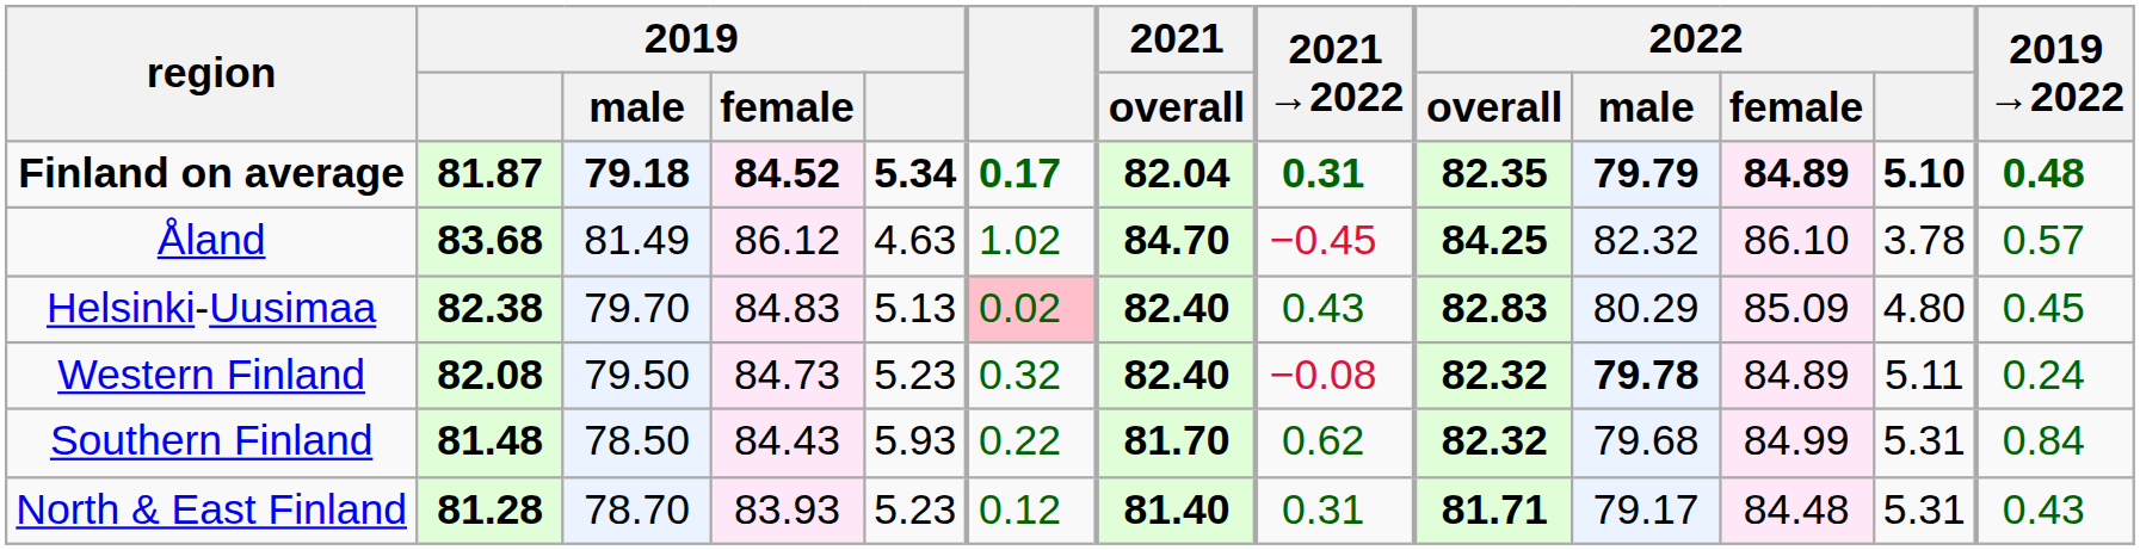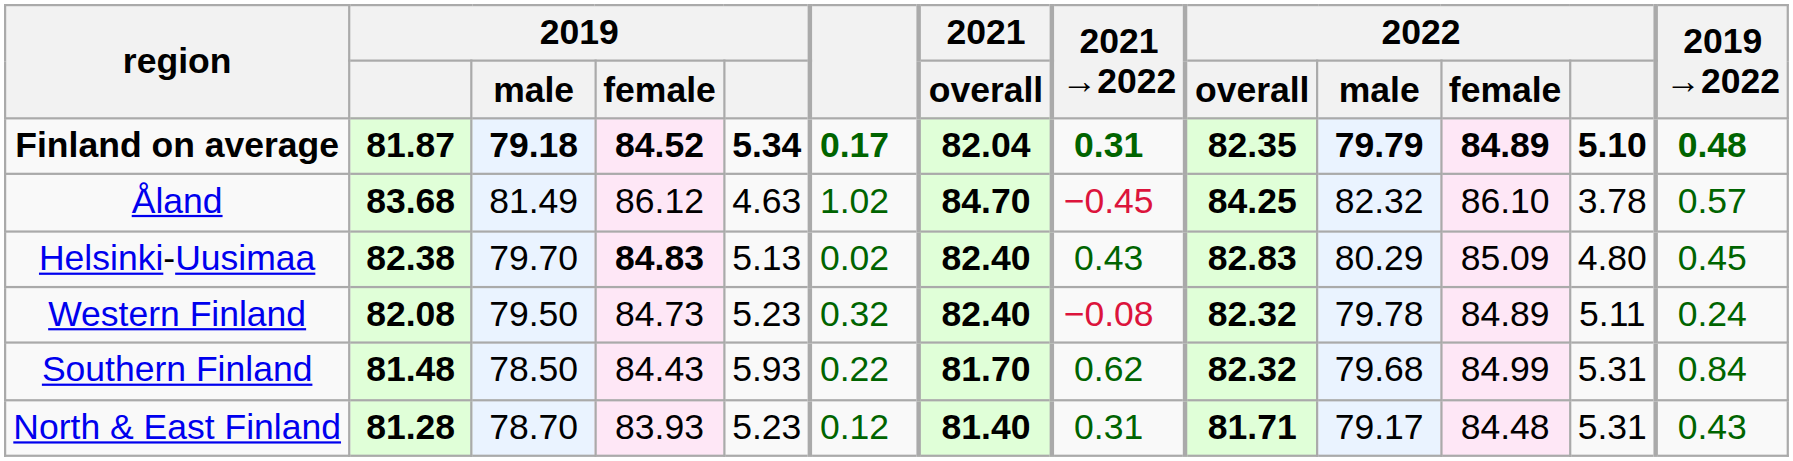 <table class="wikitable sortable mw-datatable static-row-numbers sort-under col1left col6right col8right col13right" style="text-align:center;">
 <tr>
 <th rowspan=2 style="vertical-align:middle;">region</th>
 <th colspan=4>2019</th>
 <th rowspan=2 style="vertical-align:middle;border-left-width:2px;"></th>
 <th style="border-left-width:2px;">2021</th>
 <th rowspan=2 style="vertical-align:middle;border-left-width:2px;">2021<br>→2022</th>
 <th colspan=4 style="border-left-width:2px;">2022</th>
 <th rowspan=2 style="vertical-align:middle;border-left-width:2px;">2019<br>→2022</th>
 </tr>
 <tr>
 <th style="vertical-align:middle;min-width:3em;"></th>
 <th style="vertical-align:middle;min-width:3em;">male</th>
 <th style="vertical-align:middle;min-width:3em;">female</th>
 <th></th>
 <th style="vertical-align:middle;min-width:3em;border-left-width:2px;">overall</th>
 <th style="vertical-align:middle;min-width:3em;border-left-width:2px;">overall</th>
 <th style="vertical-align:middle;min-width:3em;">male</th>
 <th style="vertical-align:middle;min-width:3em;">female</th>
 <th></th>
 </tr>
 <tr class=static-row-header>
 <td><strong>Finland on average</strong></td>
 <td style="background:#e0ffd8;"><strong>81.87</strong></td>
 <td style="background:#eaf3ff;"><strong>79.18</strong></td>
 <td style="background:#fee7f6;"><strong>84.52</strong></td>
 <td><strong>5.34</strong></td>
 <td style="padding-right:1.5ex;color:darkgreen;border-left-width:2px;"><strong>0.17</strong></td>
 <td style="background:#e0ffd8;border-left-width:2px;"><strong>82.04</strong></td>
 <td style="padding-right:1.5ex;color:darkgreen;border-left-width:2px;"><strong>0.31</strong></td>
 <td style="background:#e0ffd8;border-left-width:2px;"><strong>82.35</strong></td>
 <td style="background:#eaf3ff;"><strong>79.79</strong></td>
 <td style="background:#fee7f6;"><strong>84.89</strong></td>
 <td><strong>5.10</strong></td>
 <td style="padding-right:1.5ex;color:darkgreen;border-left-width:2px;"><strong>0.48</strong></td>
 </tr>
 <tr>
 <td><a href='#'>Åland</a></td>
 <td style="background:#e0ffd8;"><strong>83.68</strong></td>
 <td style="background:#eaf3ff;">81.49</td>
 <td style="background:#fee7f6;">86.12</td>
 <td>4.63</td>
 <td style="padding-right:1.5ex;color:darkgreen;border-left-width:2px;">1.02</td>
 <td style="background:#e0ffd8;border-left-width:2px;"><strong>84.70</strong></td>
 <td style="padding-right:1.5ex;color:crimson;border-left-width:2px;">−0.45</td>
 <td style="background:#e0ffd8;border-left-width:2px;"><strong>84.25</strong></td>
 <td style="background:#eaf3ff;">82.32</td>
 <td style="background:#fee7f6;">86.10</td>
 <td>3.78</td>
 <td style="padding-right:1.5ex;color:darkgreen;border-left-width:2px;">0.57</td>
 </tr>
 <tr>
 <td><a href='#'>Helsinki</a>-<a href='#'>Uusimaa</a></td>
 <td style="background:#e0ffd8;"><strong>82.38</strong></td>
 <td style="background:#eaf3ff;">79.70</td>
-<td style="background:#fee7f6;">84.83</td>
+<td style="background:#fee7f6;"><strong>84.83</strong></td>
 <td>5.13</td>
-<td style="background: pink; padding-right:1.5ex;color:darkgreen;border-left-width:2px;">0.02</td>
+<td style="padding-right:1.5ex;color:darkgreen;border-left-width:2px;">0.02</td>
 <td style="background:#e0ffd8;border-left-width:2px;"><strong>82.40</strong></td>
 <td style="padding-right:1.5ex;color:darkgreen;border-left-width:2px;">0.43</td>
 <td style="background:#e0ffd8;border-left-width:2px;"><strong>82.83</strong></td>
 <td style="background:#eaf3ff;">80.29</td>
 <td style="background:#fee7f6;">85.09</td>
 <td>4.80</td>
 <td style="padding-right:1.5ex;color:darkgreen;border-left-width:2px;">0.45</td>
 </tr>
 <tr>
 <td><a href='#'>Western Finland</a></td>
 <td style="background:#e0ffd8;"><strong>82.08</strong></td>
 <td style="background:#eaf3ff;">79.50</td>
 <td style="background:#fee7f6;">84.73</td>
 <td>5.23</td>
 <td style="padding-right:1.5ex;color:darkgreen;border-left-width:2px;">0.32</td>
 <td style="background:#e0ffd8;border-left-width:2px;"><strong>82.40</strong></td>
 <td style="padding-right:1.5ex;color:crimson;border-left-width:2px;">−0.08</td>
 <td style="background:#e0ffd8;border-left-width:2px;"><strong>82.32</strong></td>
-<td style="background:#eaf3ff;"><strong>79.78</strong></td>
+<td style="background:#eaf3ff;">79.78</td>
 <td style="background:#fee7f6;">84.89</td>
 <td>5.11</td>
 <td style="padding-right:1.5ex;color:darkgreen;border-left-width:2px;">0.24</td>
 </tr>
 <tr>
 <td><a href='#'>Southern Finland</a></td>
 <td style="background:#e0ffd8;"><strong>81.48</strong></td>
 <td style="background:#eaf3ff;">78.50</td>
 <td style="background:#fee7f6;">84.43</td>
 <td>5.93</td>
 <td style="padding-right:1.5ex;color:darkgreen;border-left-width:2px;">0.22</td>
 <td style="background:#e0ffd8;border-left-width:2px;"><strong>81.70</strong></td>
 <td style="padding-right:1.5ex;color:darkgreen;border-left-width:2px;">0.62</td>
 <td style="background:#e0ffd8;border-left-width:2px;"><strong>82.32</strong></td>
 <td style="background:#eaf3ff;">79.68</td>
 <td style="background:#fee7f6;">84.99</td>
 <td>5.31</td>
 <td style="padding-right:1.5ex;color:darkgreen;border-left-width:2px;">0.84</td>
 </tr>
 <tr>
 <td><a href='#'>North & East Finland</a></td>
 <td style="background:#e0ffd8;"><strong>81.28</strong></td>
 <td style="background:#eaf3ff;">78.70</td>
 <td style="background:#fee7f6;">83.93</td>
 <td>5.23</td>
 <td style="padding-right:1.5ex;color:darkgreen;border-left-width:2px;">0.12</td>
 <td style="background:#e0ffd8;border-left-width:2px;"><strong>81.40</strong></td>
 <td style="padding-right:1.5ex;color:darkgreen;border-left-width:2px;">0.31</td>
 <td style="background:#e0ffd8;border-left-width:2px;"><strong>81.71</strong></td>
 <td style="background:#eaf3ff;">79.17</td>
 <td style="background:#fee7f6;">84.48</td>
 <td>5.31</td>
 <td style="padding-right:1.5ex;color:darkgreen;border-left-width:2px;">0.43</td>
 </tr>
 </table>
